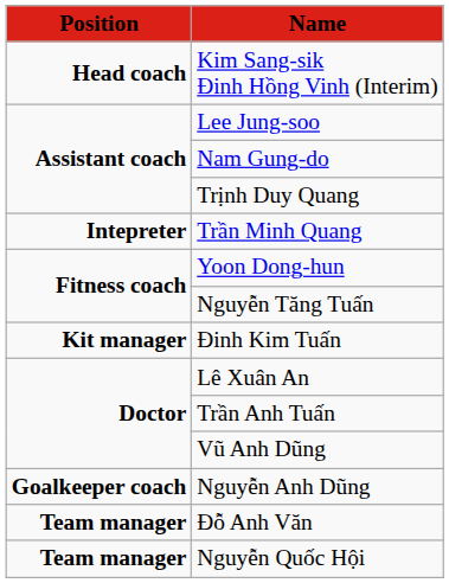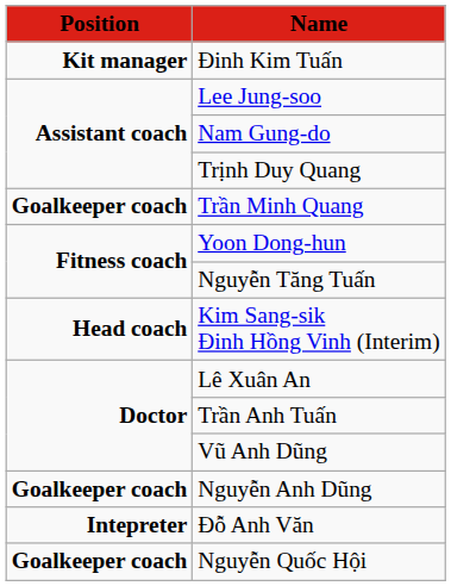 <table class="wikitable" style="font-size:100%; width-size:70%; margin:0.5em auto;">
 <tr>
 <th style="background-color:#DB2017;"><span>Position</span></th>
 <th style="background-color:#DB2017;"><span>Name</span></th>
 </tr>
 <tr>
-<td style="text-align:right" style="background-color:LightSkyBlue;"><strong>Head coach</strong></td>
-<td style="text-align:left"> <a href='#'>Kim Sang-sik</a> <br>  <a href='#'>Đinh Hồng Vinh</a> (Interim)</td>
+<td style="text-align:right" style="background-color:LightSkyBlue;"><strong>Kit manager</strong></td>
+<td style="text-align:left"> Đinh Kim Tuấn</td>
 </tr>
 <tr>
 <td rowspan="3" style="text-align:right" style="background-color:LightSkyBlue;"><strong>Assistant coach</strong></td>
 <td style="text-align:left"> <a href='#'>Lee Jung-soo</a></td>
 </tr>
 <tr>
 <td> <a href='#'>Nam Gung-do</a></td>
 </tr>
 <tr>
 <td> Trịnh Duy Quang</td>
 </tr>
 <tr>
-<td rowspan="1" style="text-align:right" style="background-color:LightSkyBlue;"><strong>Intepreter</strong></td>
+<td style="text-align:right" style="background-color:LightSkyBlue;"><strong>Goalkeeper coach</strong></td>
 <td style="text-align:left"> <a href='#'>Trần Minh Quang</a></td>
 </tr>
 <tr>
 <td rowspan="2" style="text-align:right" style="background-color:LightSkyBlue;"><strong>Fitness coach</strong></td>
 <td style="text-align:left"> <a href='#'>Yoon Dong-hun</a></td>
 </tr>
 <tr>
 <td> Nguyễn Tăng Tuấn</td>
 </tr>
 <tr>
-<td style="text-align:right" style="background-color:LightSkyBlue;"><strong>Kit manager</strong></td>
-<td style="text-align:left"> Đinh Kim Tuấn</td>
+<td style="text-align:right" style="background-color:LightSkyBlue;"><strong>Head coach</strong></td>
+<td style="text-align:left"> <a href='#'>Kim Sang-sik</a> <br>  <a href='#'>Đinh Hồng Vinh</a> (Interim)</td>
 </tr>
 <tr>
 <td rowspan="3" style="text-align:right" style="background-color:LightSkyBlue;"><strong>Doctor</strong></td>
 <td style="text-align:left"> Lê Xuân An</td>
 </tr>
 <tr>
 <td> Trần Anh Tuấn</td>
 </tr>
 <tr>
 <td> Vũ Anh Dũng</td>
 </tr>
 <tr>
 <td style="text-align:right" style="background-color:LightSkyBlue;"><strong>Goalkeeper coach</strong></td>
 <td style="text-align:left"> Nguyễn Anh Dũng</td>
 </tr>
 <tr>
-<td style="text-align:right" style="background-color:LightSkyBlue;"><strong>Team manager</strong></td>
+<td rowspan="1" style="text-align:right" style="background-color:LightSkyBlue;"><strong>Intepreter</strong></td>
 <td style="text-align:left"> Đỗ Anh Văn</td>
 </tr>
 <tr>
-<td style="text-align:right" style="background-color:LightSkyBlue;"><strong>Team manager</strong></td>
+<td style="text-align:right" style="background-color:LightSkyBlue;"><strong>Goalkeeper coach</strong></td>
 <td style="text-align:left"> Nguyễn Quốc Hội</td>
 </tr>
 </table>
